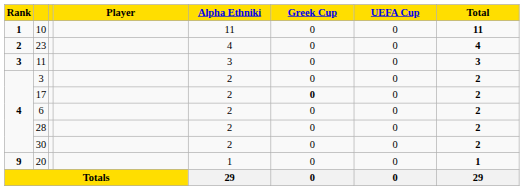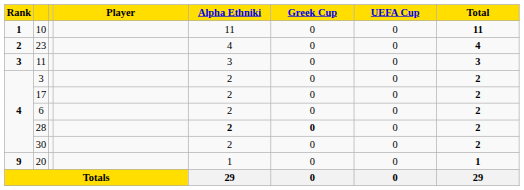 <table class="wikitable sortable" style="text-align: center">
 <tr>
 <th style="background:#FFDE00">Rank</th>
 <th style="background:#FFDE00"></th>
 <th style="background:#FFDE00"></th>
 <th width=200 style="background:#FFDE00">Player</th>
 <th width=120 style="background:#FFDE00"><a href='#'>Alpha Ethniki</a></th>
 <th width=120 style="background:#FFDE00"><a href='#'>Greek Cup</a></th>
 <th width=120 style="background:#FFDE00"><a href='#'>UEFA Cup</a></th>
 <th width=120 style="background:#FFDE00">Total</th>
 </tr>
 <tr>
 <td><strong>1</strong></td>
 <td>10</td>
 <td></td>
 <td align=left></td>
 <td>11</td>
 <td>0</td>
 <td>0</td>
 <td><strong>11</strong></td>
 </tr>
 <tr>
 <td><strong>2</strong></td>
 <td>23</td>
 <td></td>
 <td align=left></td>
 <td>4</td>
 <td>0</td>
 <td>0</td>
 <td><strong>4</strong></td>
 </tr>
 <tr>
 <td><strong>3</strong></td>
 <td>11</td>
 <td></td>
 <td align=left></td>
 <td>3</td>
 <td>0</td>
 <td>0</td>
 <td><strong>3</strong></td>
 </tr>
 <tr>
 <td rowspan=5><strong>4</strong></td>
 <td>3</td>
 <td></td>
 <td align=left></td>
 <td>2</td>
 <td>0</td>
 <td>0</td>
 <td><strong>2</strong></td>
 </tr>
 <tr>
 <td>17</td>
 <td></td>
 <td align=left></td>
 <td>2</td>
-<td><strong>0</strong></td>
+<td>0</td>
 <td>0</td>
 <td><strong>2</strong></td>
 </tr>
 <tr>
 <td>6</td>
 <td></td>
 <td align=left></td>
 <td>2</td>
 <td>0</td>
 <td>0</td>
 <td><strong>2</strong></td>
 </tr>
 <tr>
 <td>28</td>
 <td></td>
 <td align=left></td>
-<td>2</td>
-<td>0</td>
+<td><strong>2</strong></td>
+<td><strong>0</strong></td>
 <td>0</td>
 <td><strong>2</strong></td>
 </tr>
 <tr>
 <td>30</td>
 <td></td>
 <td align=left></td>
 <td>2</td>
 <td>0</td>
 <td>0</td>
 <td><strong>2</strong></td>
 </tr>
 <tr>
 <td><strong>9</strong></td>
 <td>20</td>
 <td></td>
 <td align=left></td>
 <td>1</td>
 <td>0</td>
 <td>0</td>
 <td><strong>1</strong></td>
 </tr>
 <tr class="sortbottom">
 <th colspan=4 style="background:#FFDE00"><strong>Totals</strong></th>
 <th><strong>29</strong></th>
 <th><strong> 0</strong></th>
 <th><strong> 0</strong></th>
 <th><strong>29</strong></th>
 </tr>
 </table>
